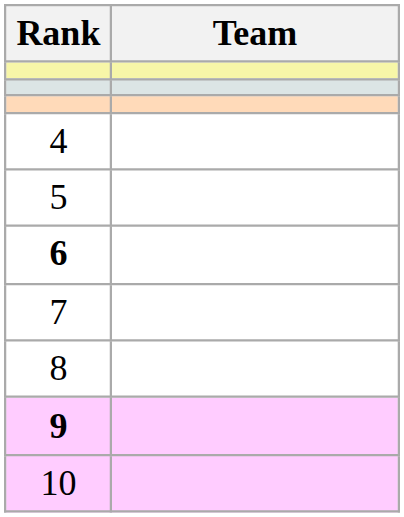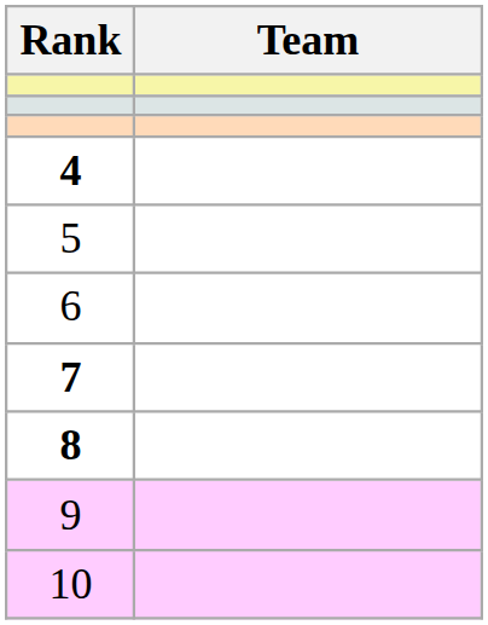 <table class="wikitable">
 <tr>
 <th style="border-bottom:1px solid #AAAAAA" width=40>Rank</th>
 <th style="border-bottom:1px solid #AAAAAA" width=120>Team</th>
 </tr>
 <tr bgcolor="#F7F6A8">
 <td align="center"></td>
 <td></td>
 </tr>
 <tr bgcolor="#DCE5E5">
 <td align="center"></td>
 <td></td>
 </tr>
 <tr bgcolor="#FFDAB9">
 <td align="center"></td>
 <td></td>
 </tr>
 <tr style="background:#ffffff;">
-<td align="center">4</td>
+<td align="center"><strong>4</strong></td>
 <td></td>
 </tr>
 <tr style="background:#ffffff;">
 <td align="center">5</td>
 <td></td>
 </tr>
 <tr style="background:#ffffff;">
-<td align="center"><strong>6</strong></td>
+<td align="center">6</td>
 <td></td>
 </tr>
 <tr style="background:#ffffff;">
-<td align="center">7</td>
+<td align="center"><strong>7</strong></td>
 <td></td>
 </tr>
 <tr style="background:#ffffff;">
-<td align="center">8</td>
+<td align="center"><strong>8</strong></td>
 <td></td>
 </tr>
 <tr style="background:#ffccff;">
-<td align="center"><strong>9</strong></td>
+<td align="center">9</td>
 <td></td>
 </tr>
 <tr style="background:#ffccff;">
 <td align="center">10</td>
 <td></td>
 </tr>
 </table>
